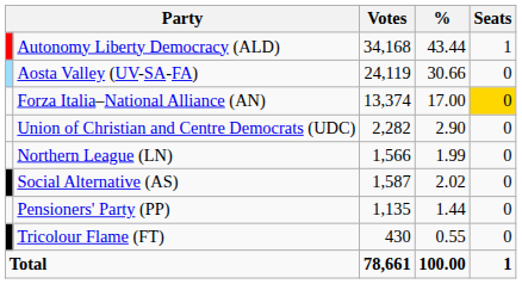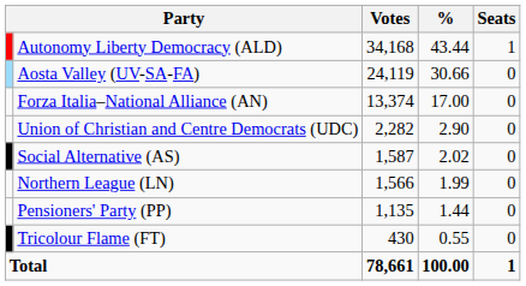 <table class=wikitable style="text-align:right">
 <tr>
 <th colspan=2>Party</th>
 <th>Votes</th>
 <th>%</th>
 <th>Seats</th>
 </tr>
 <tr>
 <td bgcolor="red"></td>
 <td align="left"><a href='#'>Autonomy Liberty Democracy</a> (ALD)</td>
 <td align="right">34,168</td>
 <td align="right">43.44</td>
 <td align="right">1</td>
 </tr>
 <tr>
 <td bgcolor="#9BDDFF"></td>
 <td align="left"><a href='#'>Aosta Valley</a> (<a href='#'>UV</a>-<a href='#'>SA</a>-<a href='#'>FA</a>)</td>
 <td align="right">24,119</td>
 <td align="right">30.66</td>
 <td align="right">0</td>
 </tr>
 <tr>
 <td></td>
 <td align="left"><a href='#'>Forza Italia</a>–<a href='#'>National Alliance</a> (AN)</td>
 <td align="right">13,374</td>
 <td align="right">17.00</td>
-<td align="right" style="background: gold;">0</td>
+<td align="right">0</td>
 </tr>
 <tr>
 <td></td>
 <td align="left"><a href='#'>Union of Christian and Centre Democrats</a> (UDC)</td>
 <td align="right">2,282</td>
 <td align="right">2.90</td>
 <td align="right">0</td>
 </tr>
 <tr>
+<td bgcolor="black"></td>
+<td align="left"><a href='#'>Social Alternative</a> (AS)</td>
+<td align="right">1,587</td>
+<td align="right">2.02</td>
+<td align="right">0</td>
+</tr>
+<tr>
 <td></td>
 <td align="left"><a href='#'>Northern League</a> (LN)</td>
 <td align="right">1,566</td>
 <td align="right">1.99</td>
-<td align="right">0</td>
-</tr>
-<tr>
-<td bgcolor="black"></td>
-<td align="left"><a href='#'>Social Alternative</a> (AS)</td>
-<td align="right">1,587</td>
-<td align="right">2.02</td>
 <td align="right">0</td>
 </tr>
 <tr>
 <td></td>
 <td align="left"><a href='#'>Pensioners' Party</a> (PP)</td>
 <td align="right">1,135</td>
 <td align="right">1.44</td>
 <td align="right">0</td>
 </tr>
 <tr>
 <td bgcolor="black"></td>
 <td align="left"><a href='#'>Tricolour Flame</a> (FT)</td>
 <td align="right">430</td>
 <td align="right">0.55</td>
 <td align="right">0</td>
 </tr>
 <tr>
 <td align="left" colspan=2><strong>Total</strong></td>
 <td align="right"><strong>78,661</strong></td>
 <td align="right"><strong>100.00</strong></td>
 <td align="right"><strong>1</strong></td>
 </tr>
 </table>
